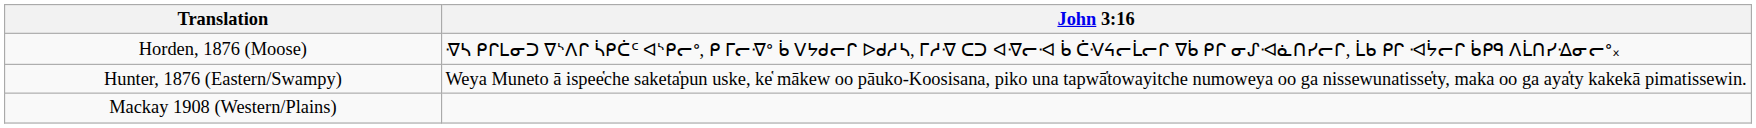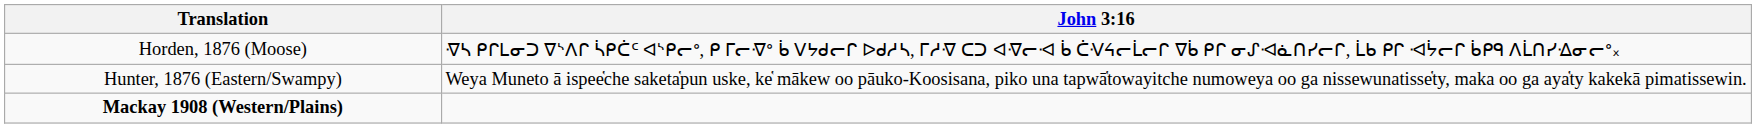 <table class="wikitable">
 <tr>
 <th style="width:25%;">Translation</th>
 <th colspan=2><a href='#'>John</a> 3:16</th>
 </tr>
 <tr>
 <td style="text-align:center;">Horden, 1876 (Moose)</td>
 <td>ᐌᓴ ᑭᒋᒪᓂᑐ ᐁᔅᐱᒋ ᓵᑭᑖᑦ ᐊᔅᑭᓕᐤ, ᑭ ᒥᓕᐌᐤ ᑳ ᐯᔭᑯᓕᒋ ᐅᑯᓱᓴ, ᒥᓱᐌ ᑕᑐ ᐊᐌᓕᐗ ᑳ ᑖᐺᔦᓕᒫᓕᒋ ᐁᑳ ᑭᒋ ᓂᔑᐗᓈᑎᓯᓕᒋ, ᒫᑲ ᑭᒋ ᐗᔮᓕᒋ ᑳᑭᑫ ᐱᒫᑎᓯᐎᓂᓕᐤ᙮<br></td>
 </tr>
 <tr>
 <td style="text-align:center;">Hunter, 1876 (Eastern/Swampy)</td>
 <td>Weya Muneto ā ispee̔che saketa̔pun uske, ke̔ mākew oo pāuko-Koosisana, piko una tapwā̔towayitche numoweya oo ga nissewunatisse̔ty, maka oo ga aya̔ty kakekā pimatissewin.<br></td>
 </tr>
 <tr>
-<td style="text-align:center;">Mackay 1908 (Western/Plains)</td>
+<td style="text-align:center;"><strong>Mackay 1908 (Western/Plains)</strong></td>
 <td></td>
 </tr>
 </table>
